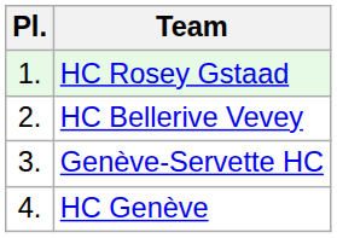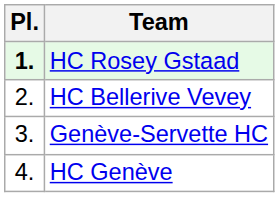 <table class="wikitable">
 <tr>
 <th>Pl.</th>
 <th>Team</th>
 </tr>
 <tr align="center " bgcolor="#e6fae6">
-<td>1.</td>
+<td><strong>1.</strong></td>
 <td align="left"><a href='#'>HC Rosey Gstaad</a></td>
 </tr>
 <tr align="center "  bgcolor="#FFFFFF">
 <td>2.</td>
 <td align="left"><a href='#'>HC Bellerive Vevey</a></td>
 </tr>
 <tr align="center " bgcolor="#FFFFFF">
 <td>3.</td>
 <td align="left"><a href='#'>Genève-Servette HC</a></td>
 </tr>
 <tr align="center " bgcolor="#FFFFFF">
 <td>4.</td>
 <td align="left"><a href='#'>HC Genève</a></td>
 </tr>
 </table>
